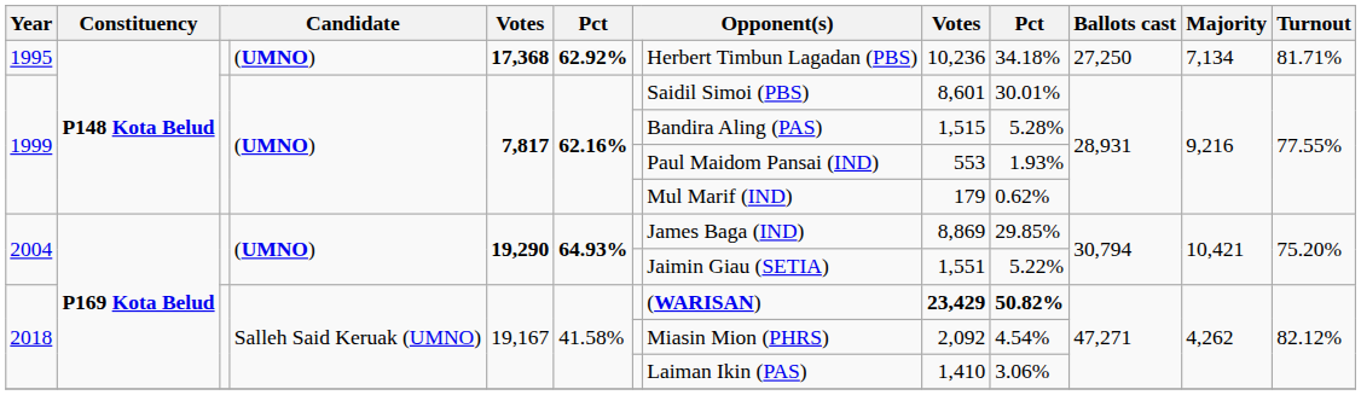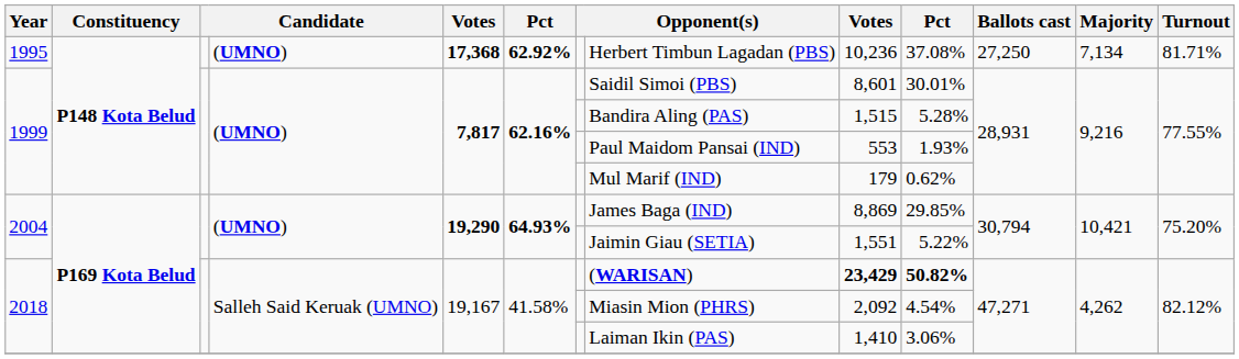 <table class="wikitable" style="margin:0.5em ; font-size:95%">
 <tr>
 <th>Year</th>
 <th>Constituency</th>
 <th colspan=2>Candidate</th>
 <th>Votes</th>
 <th>Pct</th>
 <th colspan=2>Opponent(s)</th>
 <th>Votes</th>
 <th>Pct</th>
 <th>Ballots cast</th>
 <th>Majority</th>
 <th>Turnout</th>
 </tr>
 <tr>
 <td><a href='#'>1995</a></td>
 <td rowspan=5><strong>P148 <a href='#'>Kota Belud</a></strong></td>
 <td></td>
 <td> (<a href='#'><strong>UMNO</strong></a>)</td>
 <td align="right"><strong>17,368</strong></td>
 <td><strong>62.92%</strong></td>
 <td></td>
 <td>Herbert Timbun Lagadan (<a href='#'>PBS</a>)</td>
 <td align="right">10,236</td>
-<td>34.18%</td>
+<td>37.08%</td>
 <td>27,250</td>
 <td>7,134</td>
 <td>81.71%</td>
 </tr>
 <tr>
 <td rowspan=4><a href='#'>1999</a></td>
 <td rowspan=4 ></td>
 <td rowspan=4> (<a href='#'><strong>UMNO</strong></a>)</td>
 <td rowspan=4 align="right"><strong>7,817</strong></td>
 <td rowspan=4><strong>62.16%</strong></td>
 <td></td>
 <td>Saidil Simoi (<a href='#'>PBS</a>)</td>
 <td align="right">8,601</td>
 <td>30.01%</td>
 <td rowspan=4>28,931</td>
 <td rowspan=4>9,216</td>
 <td rowspan=4>77.55%</td>
 </tr>
 <tr>
 <td></td>
 <td>Bandira Aling (<a href='#'>PAS</a>)</td>
 <td align="right">1,515</td>
 <td align="right">5.28%</td>
 </tr>
 <tr>
 <td></td>
 <td>Paul Maidom Pansai (<a href='#'>IND</a>)</td>
 <td align="right">553</td>
 <td align="right">1.93%</td>
 </tr>
 <tr>
 <td></td>
 <td>Mul Marif (<a href='#'>IND</a>)</td>
 <td align="right">179</td>
 <td>0.62%</td>
 </tr>
 <tr>
 <td rowspan=2><a href='#'>2004</a></td>
 <td rowspan=5><strong>P169 <a href='#'>Kota Belud</a></strong></td>
 <td rowspan=2 ></td>
 <td rowspan=2> (<a href='#'><strong>UMNO</strong></a>)</td>
 <td rowspan=2 align="right"><strong>19,290</strong></td>
 <td rowspan=2><strong>64.93%</strong></td>
 <td></td>
 <td>James Baga (<a href='#'>IND</a>)</td>
 <td align="right">8,869</td>
 <td>29.85%</td>
 <td rowspan=2>30,794</td>
 <td rowspan=2>10,421</td>
 <td rowspan=2>75.20%</td>
 </tr>
 <tr>
 <td></td>
 <td>Jaimin Giau (<a href='#'>SETIA</a>)</td>
 <td align="right">1,551</td>
 <td align="right">5.22%</td>
 </tr>
 <tr>
 <td rowspan=3><a href='#'>2018</a></td>
 <td rowspan=3 ></td>
 <td rowspan=3>Salleh Said Keruak (<a href='#'>UMNO</a>)</td>
 <td rowspan=3 align="right">19,167</td>
 <td rowspan=3>41.58%</td>
 <td></td>
 <td> (<strong><a href='#'>WARISAN</a></strong>)</td>
 <td align="right"><strong>23,429</strong></td>
 <td><strong>50.82%</strong></td>
 <td rowspan=3>47,271</td>
 <td rowspan=3>4,262</td>
 <td rowspan=3>82.12%</td>
 </tr>
 <tr>
 <td></td>
 <td>Miasin Mion (<a href='#'>PHRS</a>)</td>
 <td align="right">2,092</td>
 <td>4.54%</td>
 </tr>
 <tr>
 <td></td>
 <td>Laiman Ikin (<a href='#'>PAS</a>)</td>
 <td align="right">1,410</td>
 <td>3.06%</td>
 </tr>
 <tr>
 </tr>
 </table>
